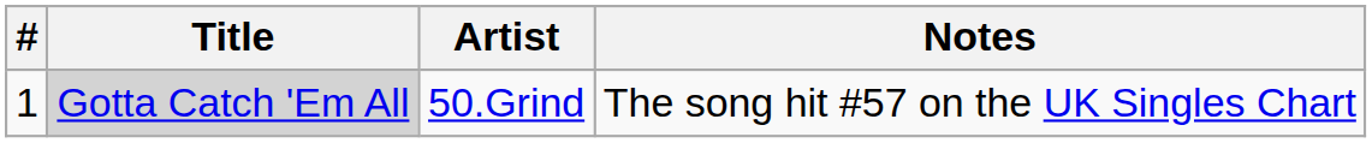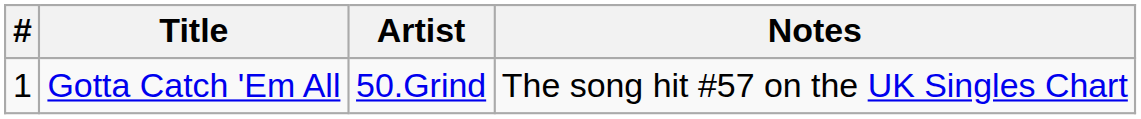 <table class="wikitable">
 <tr>
 <th>#</th>
 <th>Title</th>
 <th>Artist</th>
 <th>Notes</th>
 </tr>
 <tr>
 <td>1</td>
-<td style="background: lightgrey;"><a href='#'>Gotta Catch 'Em All</a></td>
+<td><a href='#'>Gotta Catch 'Em All</a></td>
 <td><a href='#'>50.Grind</a></td>
 <td>The song hit #57 on the <a href='#'>UK Singles Chart</a></td>
 </tr>
 </table>
